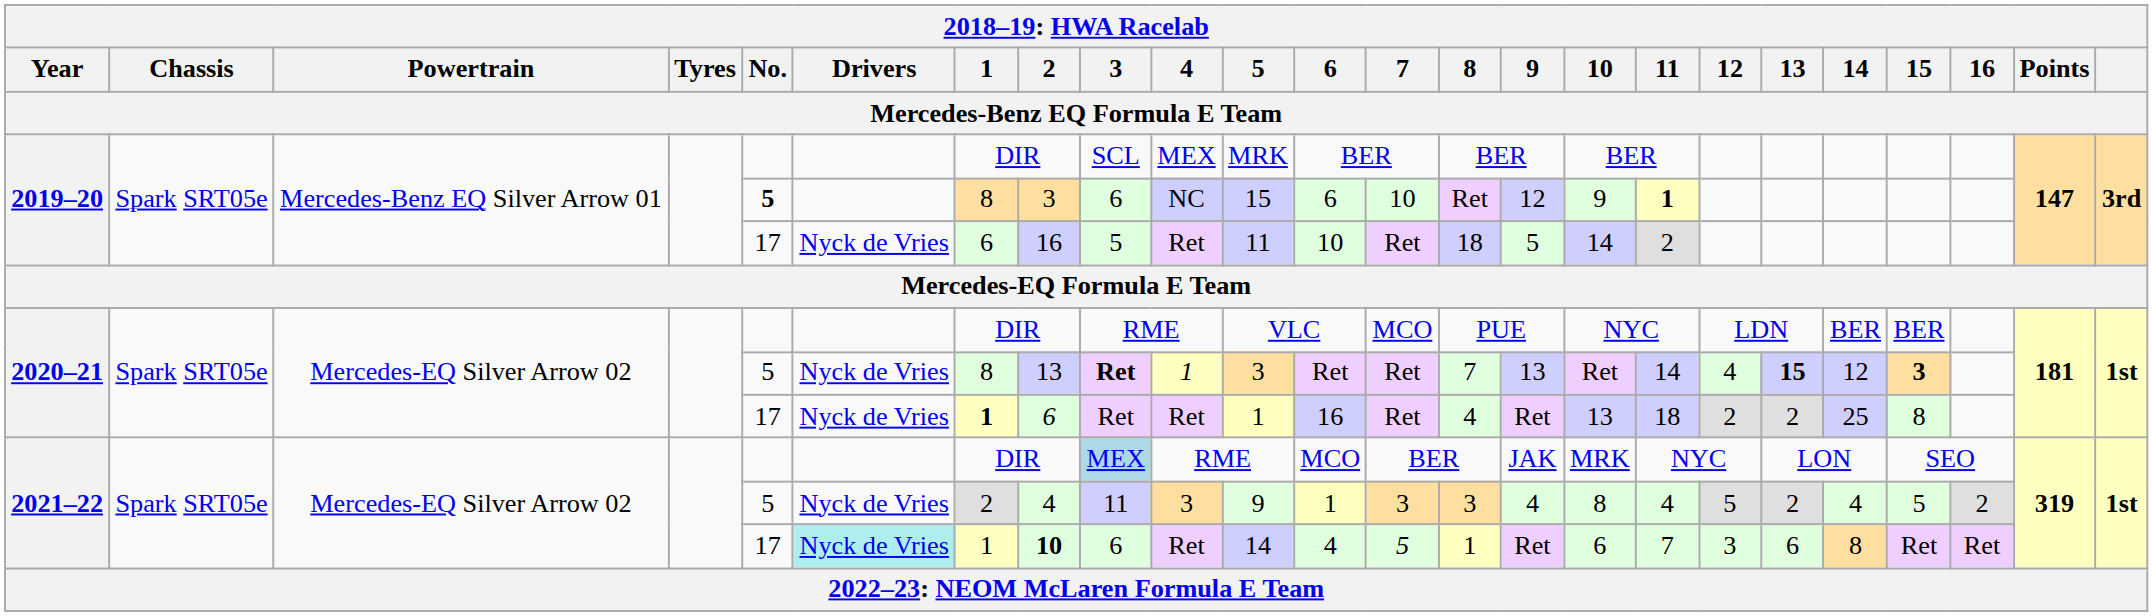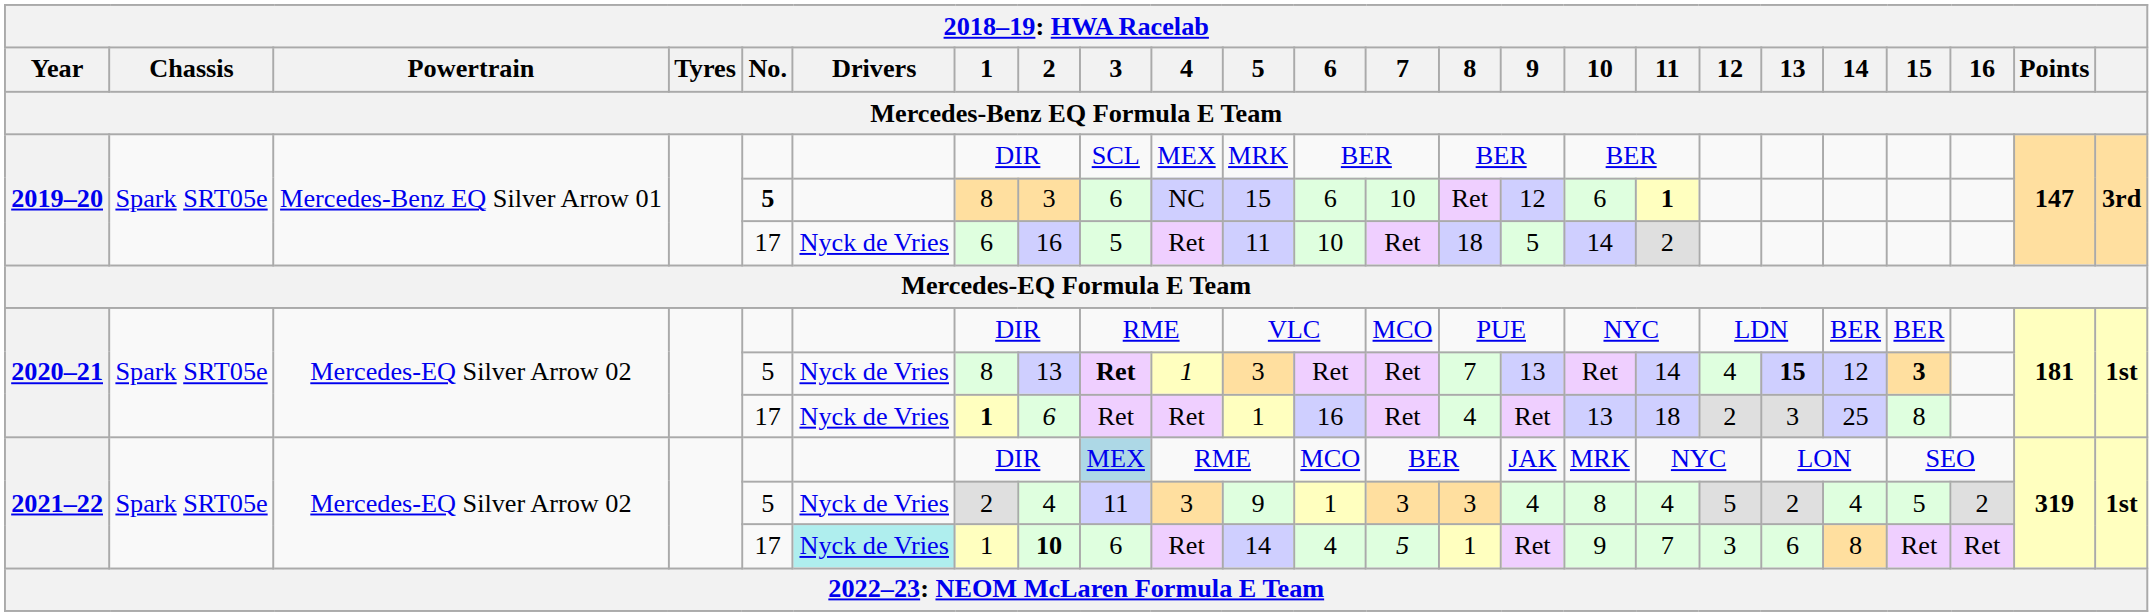 <table class="wikitable" style="font-size: 85%; text-align:center;">
 <tr>
 <th colspan="24"><a href='#'>2018–19</a>: <a href='#'>HWA Racelab</a></th>
 </tr>
 <tr valign="top">
 <th valign="middle">Year</th>
 <th valign="middle">Chassis</th>
 <th valign="middle">Powertrain</th>
 <th valign="middle">Tyres</th>
 <th valign="middle">No.</th>
 <th valign="middle">Drivers</th>
 <th style="width:26px;">1</th>
 <th style="width:26px;">2</th>
 <th style="width:26px;">3</th>
 <th style="width:26px;">4</th>
 <th style="width:26px;">5</th>
 <th style="width:26px;">6</th>
 <th style="width:26px;">7</th>
 <th style="width:26px;">8</th>
 <th style="width:26px;">9</th>
 <th style="width:26px;">10</th>
 <th style="width:26px;">11</th>
 <th style="width:26px;">12</th>
 <th style="width:26px;">13</th>
 <th style="width:26px;">14</th>
 <th style="width:26px;">15</th>
 <th style="width:26px;">16</th>
 <th valign="middle">Points</th>
 <th></th>
 </tr>
 <tr>
 <th colspan="24">Mercedes-Benz EQ Formula E Team</th>
 </tr>
 <tr>
 <th rowspan=3><a href='#'>2019–20</a></th>
 <td rowspan=3><a href='#'>Spark</a> <a href='#'>SRT05e</a></td>
 <td rowspan=3><a href='#'>Mercedes-Benz EQ</a> Silver Arrow 01</td>
 <td rowspan=3></td>
 <td></td>
 <td></td>
 <td colspan=2><a href='#'>DIR</a></td>
 <td><a href='#'>SCL</a></td>
 <td><a href='#'>MEX</a></td>
 <td><a href='#'>MRK</a></td>
 <td colspan=2><a href='#'>BER</a></td>
 <td colspan=2><a href='#'>BER</a></td>
 <td colspan=2><a href='#'>BER</a></td>
 <td></td>
 <td></td>
 <td></td>
 <td></td>
 <td></td>
 <th style="background:#FFDF9F;" rowspan=3>147</th>
 <th style="background:#FFDF9F;" rowspan=3>3rd</th>
 </tr>
 <tr>
 <td><strong>5</strong></td>
 <td align="left"></td>
 <td style="background:#FFDF9F;">8</td>
 <td style="background:#FFDF9F;">3</td>
 <td style="background:#DFFFDF;">6</td>
 <td style="background:#CFCFFF;">NC</td>
 <td style="background:#CFCFFF;">15</td>
 <td style="background:#DFFFDF;">6</td>
 <td style="background:#DFFFDF">10</td>
 <td style="background:#EFCFFF;">Ret</td>
 <td style="background:#CFCFFF;">12</td>
-<td style="background:#DFFFDF;">9</td>
+<td style="background:#DFFFDF">6</td>
 <td style="background:#FFFFBF;"><strong>1</strong></td>
 <td></td>
 <td></td>
 <td></td>
 <td></td>
 <td></td>
 </tr>
 <tr>
 <td>17</td>
 <td align="left"> <a href='#'>Nyck de Vries</a></td>
 <td style="background:#DFFFDF;">6</td>
 <td style="background:#CFCFFF;">16</td>
 <td style="background:#DFFFDF;">5</td>
 <td style="background:#EFCFFF;">Ret</td>
 <td style="background:#CFCFFF;">11</td>
 <td style="background:#DFFFDF">10</td>
 <td style="background:#EFCFFF;">Ret</td>
 <td style="background:#CFCFFF;">18</td>
 <td style="background:#DFFFDF">5</td>
 <td style="background:#CFCFFF;">14</td>
 <td style="background:#DFDFDF;">2</td>
 <td></td>
 <td></td>
 <td></td>
 <td></td>
 <td></td>
 </tr>
 <tr>
 <th colspan="24">Mercedes-EQ Formula E Team</th>
 </tr>
 <tr>
 <th rowspan=3><a href='#'>2020–21</a></th>
 <td rowspan=3><a href='#'>Spark</a> <a href='#'>SRT05e</a></td>
 <td rowspan=3><a href='#'>Mercedes-EQ</a> Silver Arrow 02</td>
 <td rowspan=3></td>
 <td></td>
 <td></td>
 <td colspan=2><a href='#'>DIR</a></td>
 <td colspan=2><a href='#'>RME</a></td>
 <td colspan=2><a href='#'>VLC</a></td>
 <td><a href='#'>MCO</a></td>
 <td colspan=2><a href='#'>PUE</a></td>
 <td colspan=2><a href='#'>NYC</a></td>
 <td colspan=2><a href='#'>LDN</a></td>
 <td><a href='#'>BER</a></td>
 <td><a href='#'>BER</a></td>
 <td></td>
 <th rowspan=3 style="background:#FFFFBF;">181</th>
 <th rowspan=3 style="background:#FFFFBF;">1st</th>
 </tr>
 <tr>
 <td>5</td>
 <td align="left"> <a href='#'>Nyck de Vries</a></td>
 <td style="background:#DFFFDF;">8</td>
 <td style="background:#CFCFFF;">13</td>
 <td style="background:#EFCFFF;"><strong>Ret</strong></td>
 <td style="background:#FFFFBF;"><em>1</em></td>
 <td style="background:#FFDF9F;">3</td>
 <td style="background:#EFCFFF;">Ret</td>
 <td style="background:#EFCFFF;">Ret</td>
 <td style="background:#DFFFDF;">7</td>
 <td style="background:#CFCFFF;">13</td>
 <td style="background:#EFCFFF;">Ret</td>
 <td style="background:#CFCFFF;">14</td>
 <td style="background:#DFFFDF;">4</td>
 <td style="background:#CFCFFF;"><strong>15</strong></td>
 <td style="background:#CFCFFF;">12</td>
 <td style="background:#FFDF9F;"><strong>3</strong></td>
 <td></td>
 </tr>
 <tr>
 <td>17</td>
 <td align="left"> <a href='#'>Nyck de Vries</a></td>
 <td style="background:#FFFFBF;"><strong>1</strong></td>
 <td style="background:#DFFFDF;"><em>6</em></td>
 <td style="background:#EFCFFF;">Ret</td>
 <td style="background:#EFCFFF;">Ret</td>
 <td style="background:#FFFFBF;">1</td>
 <td style="background:#CFCFFf;">16</td>
 <td style="background:#EFCFFF;">Ret</td>
 <td style="background:#DFFFDF;">4</td>
 <td style="background:#EFCFFF;">Ret</td>
 <td style="background:#CFCFFF;">13</td>
 <td style="background:#CFCFFF;">18</td>
 <td style="background:#DFDFDF;">2</td>
-<td style="background:#DFDFDF;">2</td>
+<td style="background:#DFDFDF;">3</td>
 <td style="background:#CFCFFF;">25</td>
 <td style="background:#DFFFDF;">8</td>
 <td></td>
 </tr>
 <tr>
 <th rowspan=3><a href='#'>2021–22</a></th>
 <td rowspan=3><a href='#'>Spark</a> <a href='#'>SRT05e</a></td>
 <td rowspan=3><a href='#'>Mercedes-EQ</a> Silver Arrow 02</td>
 <td rowspan=3></td>
 <td></td>
 <td></td>
 <td colspan=2><a href='#'>DIR</a></td>
 <td style="background: lightblue;"><a href='#'>MEX</a></td>
 <td colspan=2><a href='#'>RME</a></td>
 <td><a href='#'>MCO</a></td>
 <td colspan=2><a href='#'>BER</a></td>
 <td><a href='#'>JAK</a></td>
 <td><a href='#'>MRK</a></td>
 <td colspan=2><a href='#'>NYC</a></td>
 <td colspan=2><a href='#'>LON</a></td>
 <td colspan=2><a href='#'>SEO</a></td>
 <th rowspan=3  style="background:#FFFFBF;">319</th>
 <th rowspan=3  style="background:#FFFFBF;">1st</th>
 </tr>
 <tr>
 <td>5</td>
 <td align="left"> <a href='#'>Nyck de Vries</a></td>
 <td style="background:#DFDFDF">2</td>
 <td style="background:#DFFFDF">4</td>
 <td style="background:#CFCFFf;">11</td>
 <td style="background:#FFDF9F;">3</td>
 <td style="background:#DFFFDF">9</td>
 <td style="background:#FFFFBF">1</td>
 <td style="background:#FFDF9F;">3</td>
 <td style="background:#FFDF9F;">3</td>
 <td style="background:#DFFFDF;">4</td>
 <td style="background:#DFFFDF">8</td>
 <td style="background:#DFFFDF">4</td>
 <td style="background:#DFDFDF">5</td>
 <td style="background:#DFDFDF">2</td>
 <td style="background:#DFFFDF">4</td>
 <td style="background:#DFFFDF">5</td>
 <td style="background:#DFDFDF">2</td>
 </tr>
 <tr>
 <td>17</td>
 <td align="left" style="background: paleturquoise;"> <a href='#'>Nyck de Vries</a></td>
 <td style="background:#FFFFBF">1</td>
 <td style="background:#DFFFDF"><strong>10</strong></td>
 <td style="background:#DFFFDF">6</td>
 <td style="background:#EFCFFF;">Ret</td>
 <td style="background:#CFCFFf;">14</td>
 <td style="background:#DFFFDF;">4</td>
 <td style="background:#DFFFDF;"><em>5</em></td>
 <td style="background:#FFFFBF">1</td>
 <td style="background:#EFCFFF;">Ret</td>
-<td style="background:#DFFFDF">6</td>
+<td style="background:#DFFFDF;">9</td>
 <td style="background:#DFFFDF">7</td>
 <td style="background:#DFFFDF">3</td>
 <td style="background:#DFFFDF">6</td>
 <td style="background:#FFDF9F;">8</td>
 <td style="background:#EFCFFF">Ret</td>
 <td style="background:#EFCFFF">Ret</td>
 </tr>
 <tr>
 <th colspan="24"><a href='#'>2022–23</a>: <a href='#'>NEOM McLaren Formula E Team</a></th>
 </tr>
 </table>
